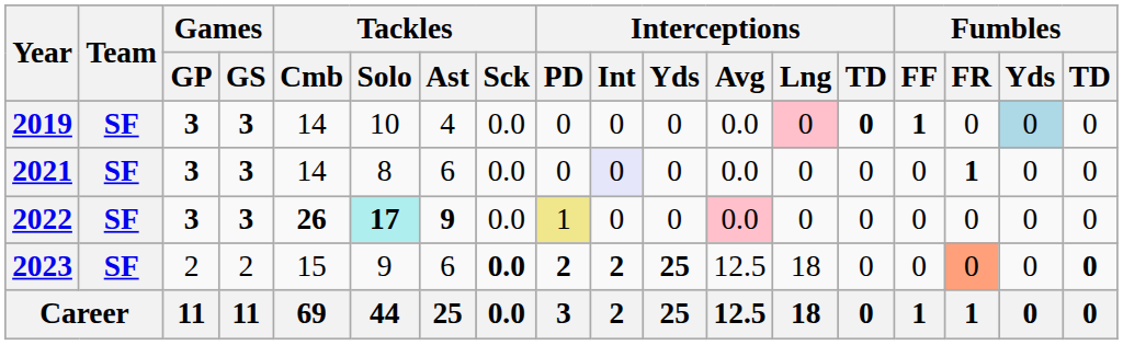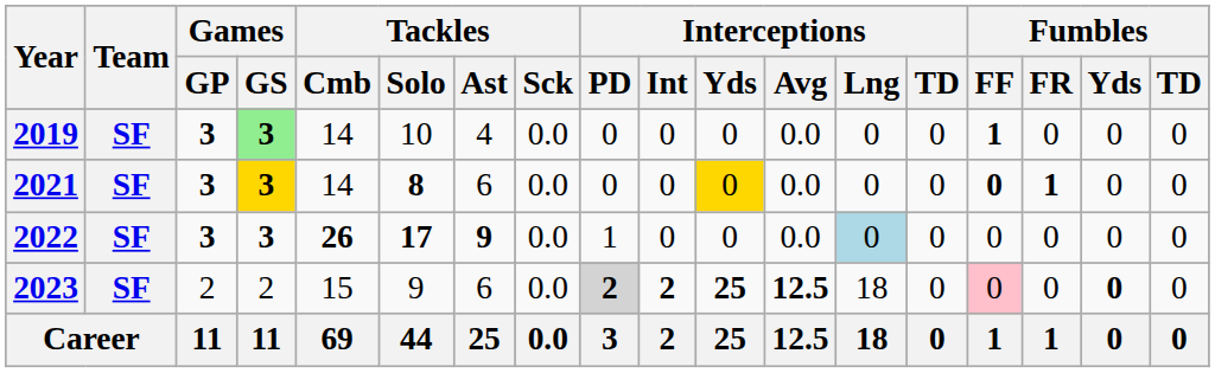 <table class="wikitable" style="text-align:center;">
 <tr>
 <th rowspan="2">Year</th>
 <th rowspan="2">Team</th>
 <th colspan="2">Games</th>
 <th colspan="4">Tackles</th>
 <th colspan="6">Interceptions</th>
 <th colspan="4">Fumbles</th>
 </tr>
 <tr>
 <th>GP</th>
 <th>GS</th>
 <th>Cmb</th>
 <th>Solo</th>
 <th>Ast</th>
 <th>Sck</th>
 <th>PD</th>
 <th>Int</th>
 <th>Yds</th>
 <th>Avg</th>
 <th>Lng</th>
 <th>TD</th>
 <th>FF</th>
 <th>FR</th>
 <th>Yds</th>
 <th>TD</th>
 </tr>
 <tr>
 <th><a href='#'>2019</a></th>
 <th><a href='#'>SF</a></th>
 <td><strong>3</strong></td>
-<td><strong>3</strong></td>
+<td style="background: lightgreen;"><strong>3</strong></td>
 <td>14</td>
 <td>10</td>
 <td>4</td>
 <td>0.0</td>
 <td>0</td>
 <td>0</td>
 <td>0</td>
 <td>0.0</td>
-<td style="background: pink;">0</td>
-<td><strong>0</strong></td>
+<td>0</td>
+<td>0</td>
 <td><strong>1</strong></td>
 <td>0</td>
-<td style="background: lightblue;">0</td>
+<td>0</td>
 <td>0</td>
 </tr>
 <tr>
 <th><a href='#'>2021</a></th>
 <th><a href='#'>SF</a></th>
 <td><strong>3</strong></td>
-<td><strong>3</strong></td>
+<td style="background: gold;"><strong>3</strong></td>
 <td>14</td>
-<td>8</td>
+<td><strong>8</strong></td>
 <td>6</td>
 <td>0.0</td>
 <td>0</td>
-<td style="background: lavender;">0</td>
 <td>0</td>
+<td style="background: gold;">0</td>
 <td>0.0</td>
 <td>0</td>
 <td>0</td>
-<td>0</td>
+<td><strong>0</strong></td>
 <td><strong>1</strong></td>
 <td>0</td>
 <td>0</td>
 </tr>
 <tr>
 <th><a href='#'>2022</a></th>
 <th><a href='#'>SF</a></th>
 <td><strong>3</strong></td>
 <td><strong>3</strong></td>
 <td><strong>26</strong></td>
-<td style="background: paleturquoise;"><strong>17</strong></td>
+<td><strong>17</strong></td>
 <td><strong>9</strong></td>
 <td>0.0</td>
-<td style="background: khaki;">1</td>
+<td>1</td>
 <td>0</td>
 <td>0</td>
-<td style="background: pink;">0.0</td>
-<td>0</td>
+<td>0.0</td>
+<td style="background: lightblue;">0</td>
 <td>0</td>
 <td>0</td>
 <td>0</td>
 <td>0</td>
 <td>0</td>
 </tr>
 <tr>
 <th><a href='#'>2023</a></th>
 <th><a href='#'>SF</a></th>
 <td>2</td>
 <td>2</td>
 <td>15</td>
 <td>9</td>
 <td>6</td>
-<td><strong>0.0</strong></td>
-<td><strong>2</strong></td>
+<td>0.0</td>
+<td style="background: lightgrey;"><strong>2</strong></td>
 <td><strong>2</strong></td>
 <td><strong>25</strong></td>
-<td>12.5</td>
+<td><strong>12.5</strong></td>
 <td>18</td>
 <td>0</td>
-<td>0</td>
-<td style="background: lightsalmon;">0</td>
+<td style="background: pink;">0</td>
 <td>0</td>
 <td><strong>0</strong></td>
+<td>0</td>
 </tr>
 <tr>
 <th colspan="2">Career</th>
 <th>11</th>
 <th>11</th>
 <th>69</th>
 <th>44</th>
 <th>25</th>
 <th>0.0</th>
 <th>3</th>
 <th>2</th>
 <th>25</th>
 <th>12.5</th>
 <th>18</th>
 <th>0</th>
 <th>1</th>
 <th>1</th>
 <th>0</th>
 <th>0</th>
 </tr>
 </table>
